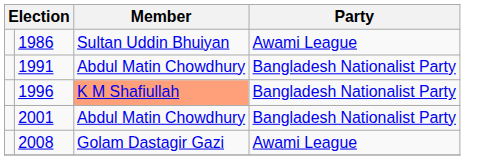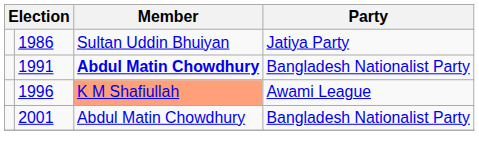 <table class="wikitable">
 <tr>
 <th colspan="2">Election</th>
 <th>Member</th>
 <th>Party</th>
 </tr>
 <tr>
 <td style="background-color:"></td>
 <td><a href='#'>1986</a></td>
 <td><a href='#'>Sultan Uddin Bhuiyan</a></td>
-<td><a href='#'>Awami League</a></td>
+<td><a href='#'>Jatiya Party</a></td>
 </tr>
 <tr>
 <td style="background-color:"></td>
 <td><a href='#'>1991</a></td>
-<td><a href='#'>Abdul Matin Chowdhury</a></td>
+<td><strong><a href='#'>Abdul Matin Chowdhury</a></strong></td>
 <td><a href='#'>Bangladesh Nationalist Party</a></td>
 </tr>
 <tr>
 <td style="background-color:"></td>
 <td><a href='#'>1996</a></td>
 <td style="background: lightsalmon;"><a href='#'>K M Shafiullah</a></td>
-<td><a href='#'>Bangladesh Nationalist Party</a></td>
+<td><a href='#'>Awami League</a></td>
 </tr>
 <tr>
 <td style="background-color:"></td>
 <td><a href='#'>2001</a></td>
 <td><a href='#'>Abdul Matin Chowdhury</a></td>
 <td><a href='#'>Bangladesh Nationalist Party</a></td>
 </tr>
 <tr>
-<td style="background-color:"></td>
-<td><a href='#'>2008</a></td>
-<td><a href='#'>Golam Dastagir Gazi</a></td>
-<td><a href='#'>Awami League</a></td>
-</tr>
-<tr>
 </tr>
 </table>
